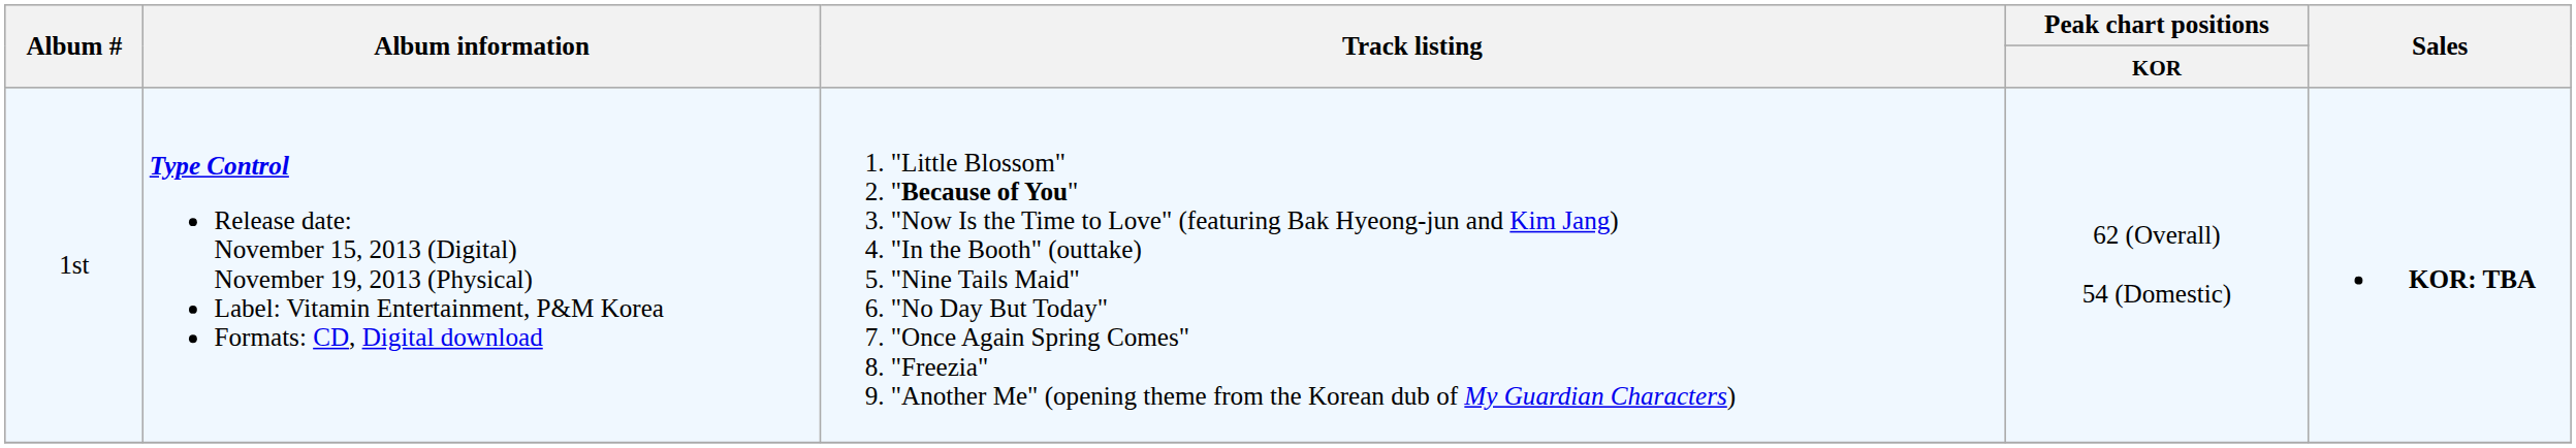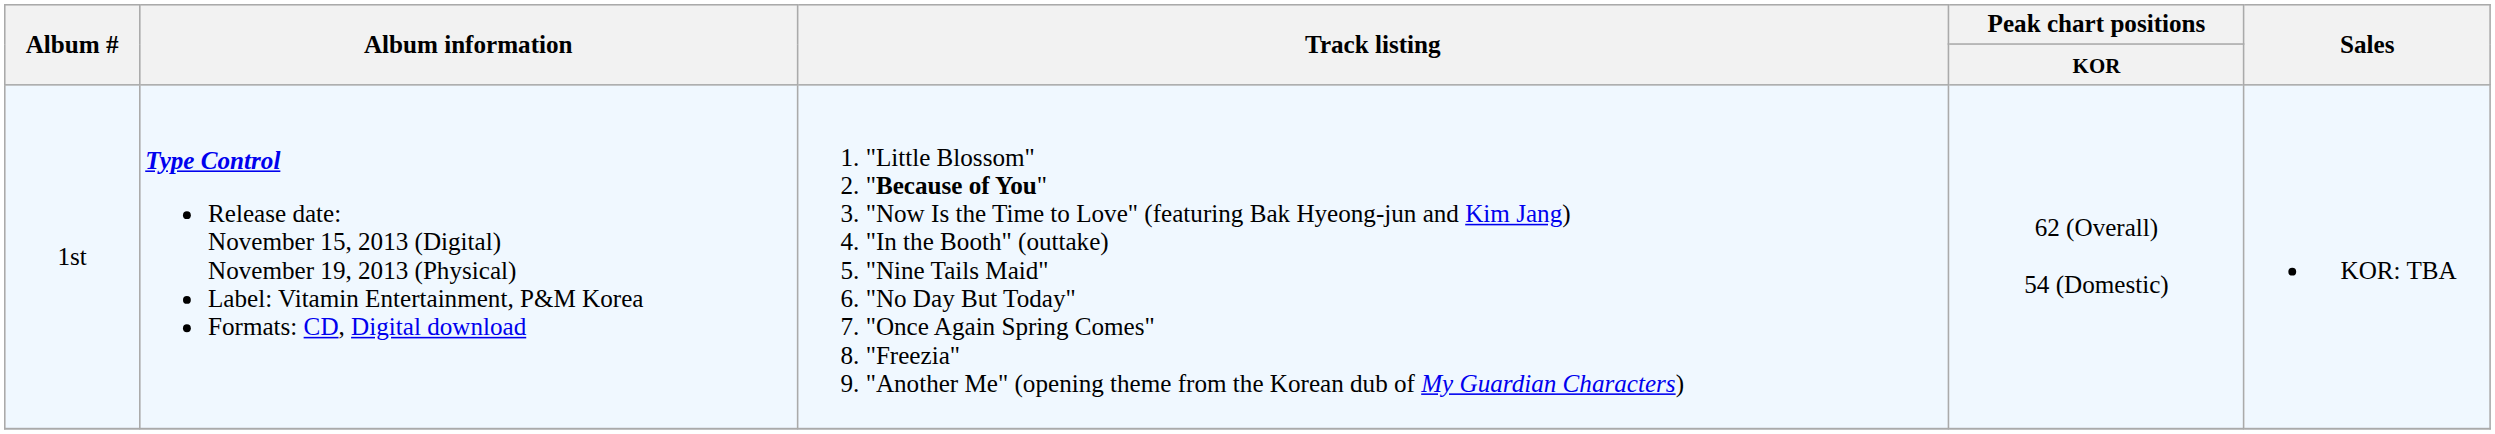 <table class="wikitable" style="width:100%;">
 <tr>
 <th rowspan="2">Album #</th>
 <th rowspan="2">Album information</th>
 <th rowspan="2">Track listing</th>
 <th colspan="1">Peak chart positions</th>
 <th rowspan="2">Sales</th>
 </tr>
 <tr>
 <th style="text-align:center;"><small>KOR</small></th>
 </tr>
 <tr bgcolor="#F0F8FF">
 <td style="text-align:center;">1st</td>
 <td><strong><em><a href='#'>Type Control</a></em></strong><br><ul><li>Release date:<br>November 15, 2013 (Digital)<br>November 19, 2013 (Physical)</li><li>Label: Vitamin Entertainment, P&M Korea</li><li>Formats: <a href='#'>CD</a>, <a href='#'>Digital download</a></li></ul></td>
 <td><br><ol><li>"Little Blossom"</li><li>"<strong>Because of You</strong>"</li><li>"Now Is the Time to Love" (featuring Bak Hyeong-jun and <a href='#'>Kim Jang</a>)</li><li>"In the Booth" (outtake)</li><li>"Nine Tails Maid"</li><li>"No Day But Today"</li><li>"Once Again Spring Comes"</li><li>"Freezia"</li><li>"Another Me" (opening theme from the Korean dub of <em><a href='#'>My Guardian Characters</a></em>)</li></ol></td>
 <td align="center">62 (Overall)<br><br>54 (Domestic)</td>
-<td align="center"><strong><br><ul><li>KOR: TBA</li></ul></strong></td>
+<td align="center"><br><ul><li>KOR: TBA</li></ul></td>
 </tr>
 <tr>
 </tr>
 </table>
